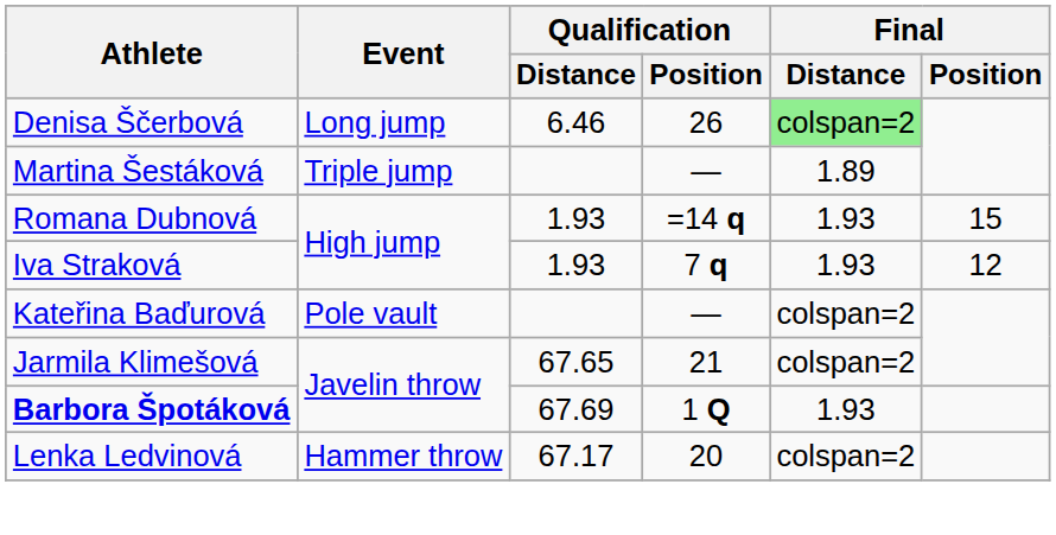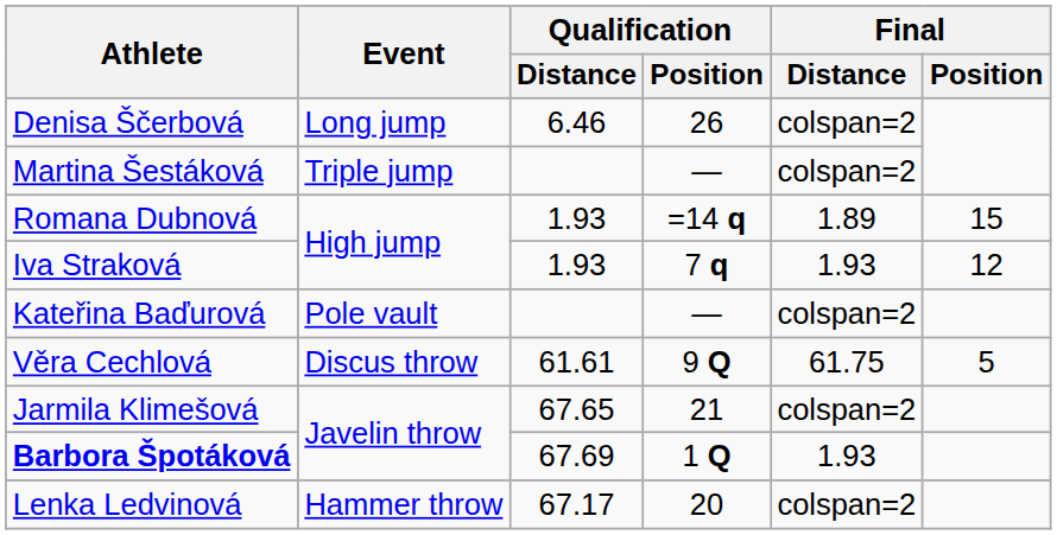 <table class=wikitable style="font-size:90%">
 <tr>
 <th rowspan="2">Athlete</th>
 <th rowspan="2">Event</th>
 <th colspan="2">Qualification</th>
 <th colspan="2">Final</th>
 </tr>
 <tr style="font-size:95%">
 <th>Distance</th>
 <th>Position</th>
 <th>Distance</th>
 <th>Position</th>
 </tr>
 <tr align=center>
 <td align=left><a href='#'>Denisa Ščerbová</a></td>
 <td align=left><a href='#'>Long jump</a></td>
 <td>6.46</td>
 <td>26</td>
-<td style="background: lightgreen;">colspan=2 </td>
+<td>colspan=2 </td>
 </tr>
 <tr align=center>
 <td align=left><a href='#'>Martina Šestáková</a></td>
 <td align=left><a href='#'>Triple jump</a></td>
 <td></td>
 <td>—</td>
-<td>1.89</td>
+<td>colspan=2 </td>
 </tr>
 <tr align=center>
 <td align=left><a href='#'>Romana Dubnová</a></td>
 <td rowspan=2 align=left><a href='#'>High jump</a></td>
 <td>1.93</td>
 <td>=14 <strong>q</strong></td>
-<td>1.93</td>
+<td>1.89</td>
 <td>15</td>
 </tr>
 <tr align=center>
 <td align=left><a href='#'>Iva Straková</a></td>
 <td>1.93</td>
 <td>7 <strong>q</strong></td>
 <td>1.93</td>
 <td>12</td>
 </tr>
 <tr align=center>
 <td align=left><a href='#'>Kateřina Baďurová</a></td>
 <td align=left><a href='#'>Pole vault</a></td>
 <td></td>
 <td>—</td>
 <td>colspan=2 </td>
+</tr>
+<tr align=center>
+<td align=left><a href='#'>Věra Cechlová</a></td>
+<td align=left><a href='#'>Discus throw</a></td>
+<td>61.61</td>
+<td>9 <strong>Q</strong></td>
+<td>61.75</td>
+<td>5</td>
 </tr>
 <tr align=center>
 <td align=left><a href='#'>Jarmila Klimešová</a></td>
 <td rowspan=2 align=left><a href='#'>Javelin throw</a></td>
 <td>67.65</td>
 <td>21</td>
 <td>colspan=2 </td>
 </tr>
 <tr align=center>
 <td align=left><strong><a href='#'>Barbora Špotáková</a></strong></td>
 <td>67.69</td>
 <td>1 <strong>Q</strong></td>
 <td>1.93</td>
 <td></td>
 </tr>
 <tr align=center>
 <td align=left><a href='#'>Lenka Ledvinová</a></td>
 <td align=left><a href='#'>Hammer throw</a></td>
 <td>67.17</td>
 <td>20</td>
 <td>colspan=2 </td>
 </tr>
 </table>
